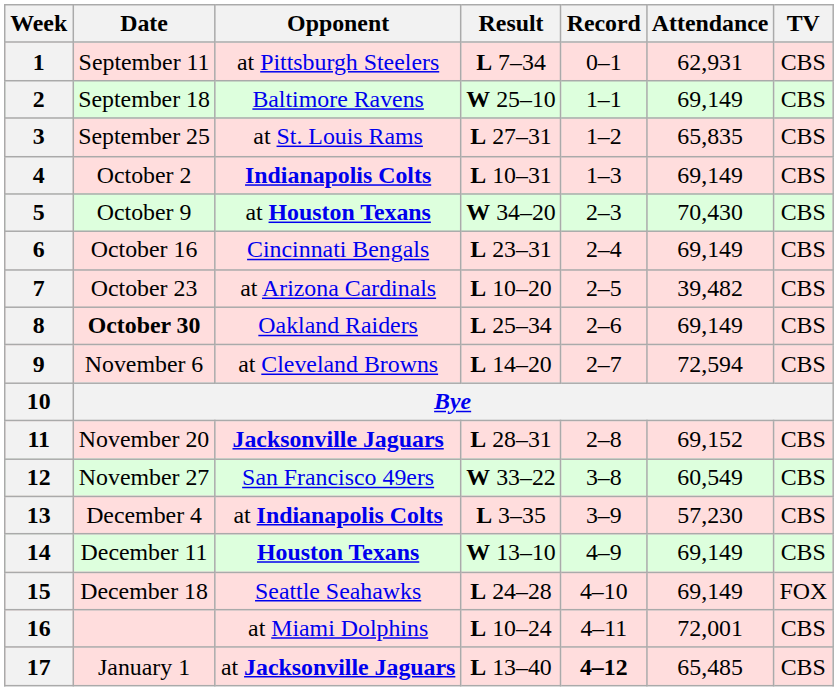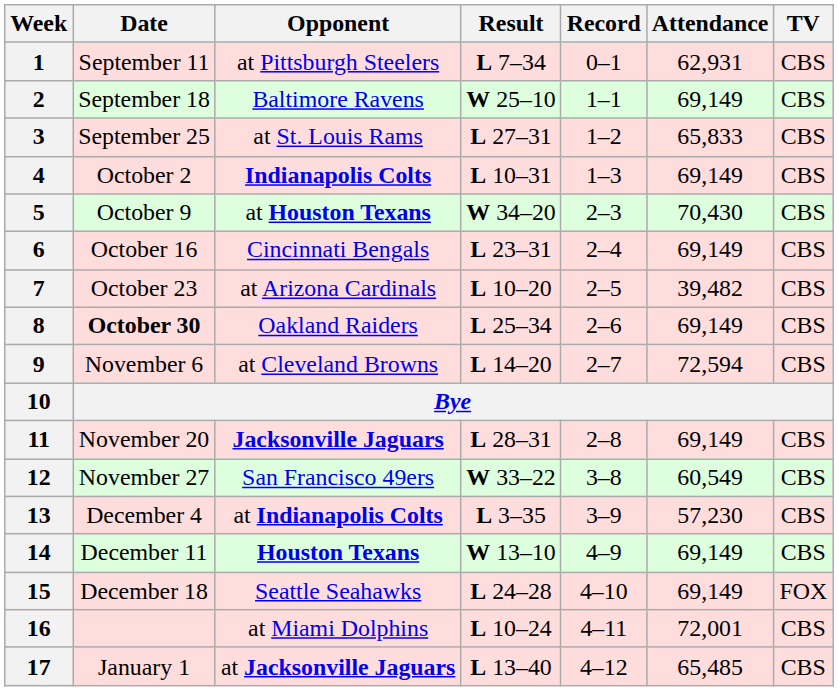 <table class="wikitable" style="text-align:center">
 <tr>
 <th>Week</th>
 <th>Date</th>
 <th>Opponent</th>
 <th>Result</th>
 <th>Record</th>
 <th>Attendance</th>
 <th>TV</th>
 </tr>
 <tr bgcolor="#ffdddd">
 <th>1</th>
 <td>September 11</td>
 <td>at <a href='#'>Pittsburgh Steelers</a></td>
 <td><strong>L</strong> 7–34</td>
 <td>0–1</td>
 <td>62,931</td>
 <td>CBS</td>
 </tr>
 <tr bgcolor="#ddffdd">
 <th>2</th>
 <td>September 18</td>
 <td><a href='#'>Baltimore Ravens</a></td>
 <td><strong>W</strong> 25–10</td>
 <td>1–1</td>
 <td>69,149</td>
 <td>CBS</td>
 </tr>
 <tr bgcolor="#ffdddd">
 <th>3</th>
 <td>September 25</td>
 <td>at <a href='#'>St. Louis Rams</a></td>
 <td><strong>L</strong> 27–31</td>
 <td>1–2</td>
-<td>65,835</td>
+<td>65,833</td>
 <td>CBS</td>
 </tr>
 <tr bgcolor="#ffdddd">
 <th>4</th>
 <td>October 2</td>
 <td><strong><a href='#'>Indianapolis Colts</a></strong></td>
 <td><strong>L</strong> 10–31</td>
 <td>1–3</td>
 <td>69,149</td>
 <td>CBS</td>
 </tr>
 <tr bgcolor="#ddffdd">
 <th>5</th>
 <td>October 9</td>
 <td>at <strong><a href='#'>Houston Texans</a></strong></td>
 <td><strong>W</strong> 34–20</td>
 <td>2–3</td>
 <td>70,430</td>
 <td>CBS</td>
 </tr>
 <tr bgcolor="#ffdddd">
 <th>6</th>
 <td>October 16</td>
 <td><a href='#'>Cincinnati Bengals</a></td>
 <td><strong>L</strong> 23–31</td>
 <td>2–4</td>
 <td>69,149</td>
 <td>CBS</td>
 </tr>
 <tr bgcolor="#ffdddd">
 <th>7</th>
 <td>October 23</td>
 <td>at <a href='#'>Arizona Cardinals</a></td>
 <td><strong>L</strong> 10–20</td>
 <td>2–5</td>
 <td>39,482</td>
 <td>CBS</td>
 </tr>
 <tr bgcolor="#ffdddd">
 <th>8</th>
 <td><strong>October 30</strong></td>
 <td><a href='#'>Oakland Raiders</a></td>
 <td><strong>L</strong> 25–34</td>
 <td>2–6</td>
 <td>69,149</td>
 <td>CBS</td>
 </tr>
 <tr bgcolor="#ffdddd">
 <th>9</th>
 <td>November 6</td>
 <td>at <a href='#'>Cleveland Browns</a></td>
 <td><strong>L</strong> 14–20</td>
 <td>2–7</td>
 <td>72,594</td>
 <td>CBS</td>
 </tr>
 <tr>
 <th>10</th>
 <th colspan="6"><em><a href='#'>Bye</a></em></th>
 </tr>
 <tr bgcolor="#ffdddd">
 <th>11</th>
 <td>November 20</td>
 <td><strong><a href='#'>Jacksonville Jaguars</a></strong></td>
 <td><strong>L</strong> 28–31</td>
 <td>2–8</td>
-<td>69,152</td>
+<td>69,149</td>
 <td>CBS</td>
 </tr>
 <tr bgcolor="#ddffdd">
 <th>12</th>
 <td>November 27</td>
 <td><a href='#'>San Francisco 49ers</a></td>
 <td><strong>W</strong> 33–22</td>
 <td>3–8</td>
 <td>60,549</td>
 <td>CBS</td>
 </tr>
 <tr bgcolor="#ffdddd">
 <th>13</th>
 <td>December 4</td>
 <td>at <strong><a href='#'>Indianapolis Colts</a></strong></td>
 <td><strong>L</strong> 3–35</td>
 <td>3–9</td>
 <td>57,230</td>
 <td>CBS</td>
 </tr>
 <tr bgcolor="#ddffdd">
 <th>14</th>
 <td>December 11</td>
 <td><strong><a href='#'>Houston Texans</a></strong></td>
 <td><strong>W</strong> 13–10</td>
 <td>4–9</td>
 <td>69,149</td>
 <td>CBS</td>
 </tr>
 <tr bgcolor="#ffdddd">
 <th>15</th>
 <td>December 18</td>
 <td><a href='#'>Seattle Seahawks</a></td>
 <td><strong>L</strong> 24–28</td>
 <td>4–10</td>
 <td>69,149</td>
 <td>FOX</td>
 </tr>
 <tr bgcolor="#ffdddd">
 <th>16</th>
 <td></td>
 <td>at <a href='#'>Miami Dolphins</a></td>
 <td><strong>L</strong> 10–24</td>
 <td>4–11</td>
 <td>72,001</td>
 <td>CBS</td>
 </tr>
 <tr bgcolor="#ffdddd">
 <th>17</th>
 <td>January 1</td>
 <td>at <strong><a href='#'>Jacksonville Jaguars</a></strong></td>
 <td><strong>L</strong> 13–40</td>
-<td><strong>4–12</strong></td>
+<td>4–12</td>
 <td>65,485</td>
 <td>CBS</td>
 </tr>
 </table>
